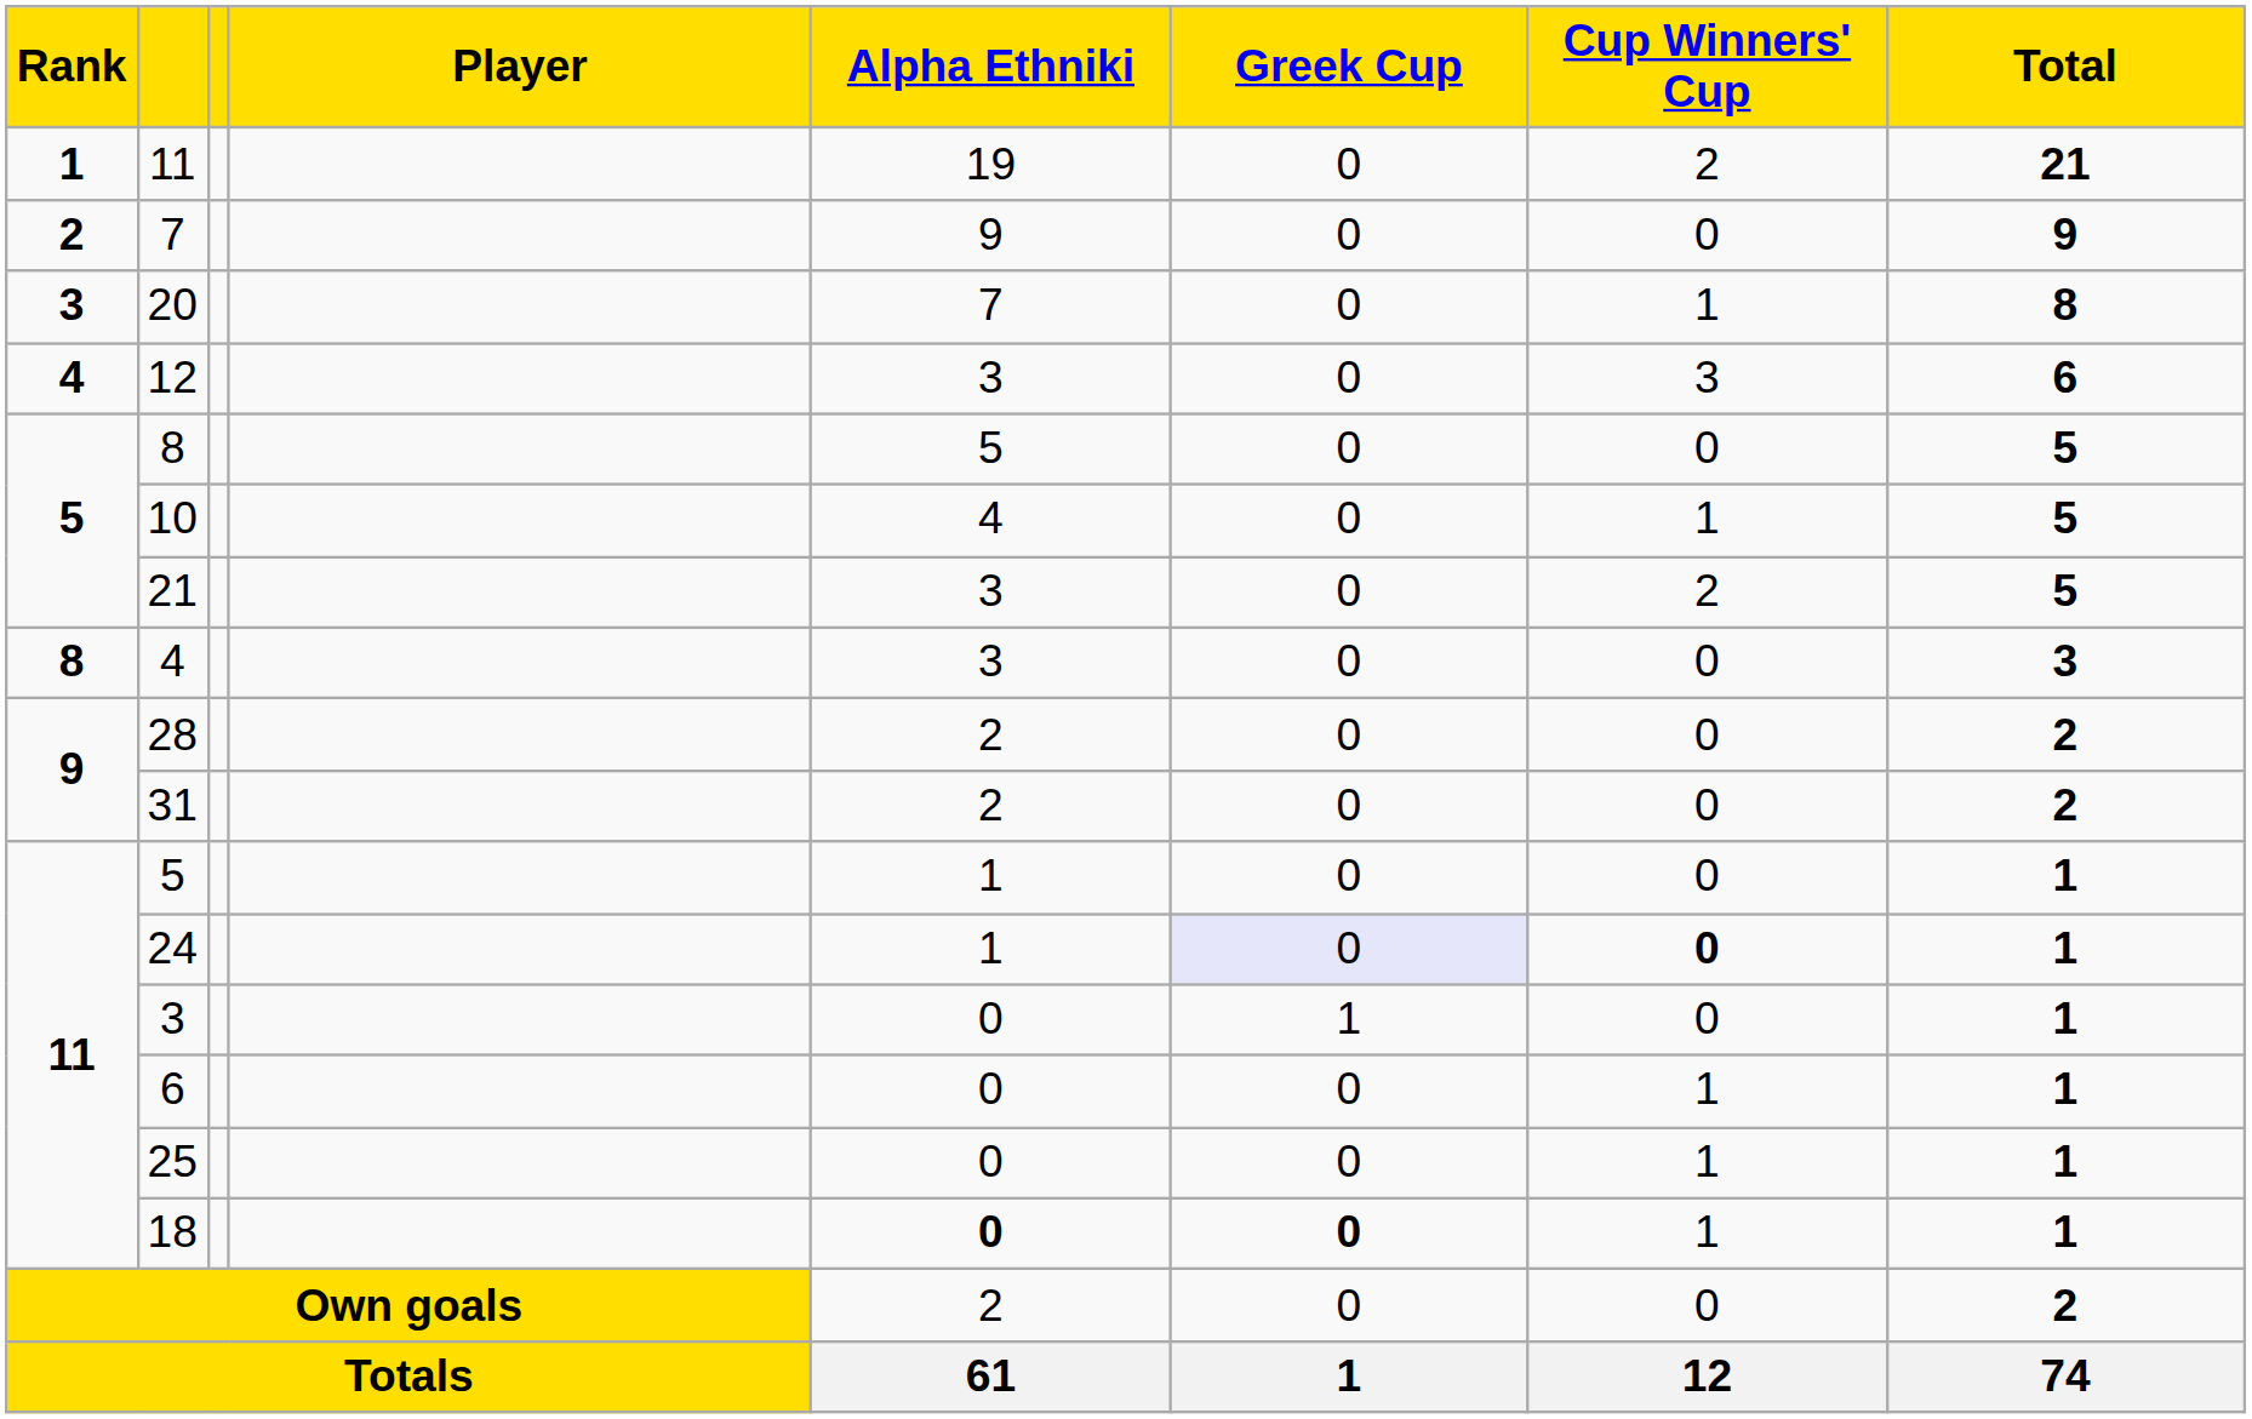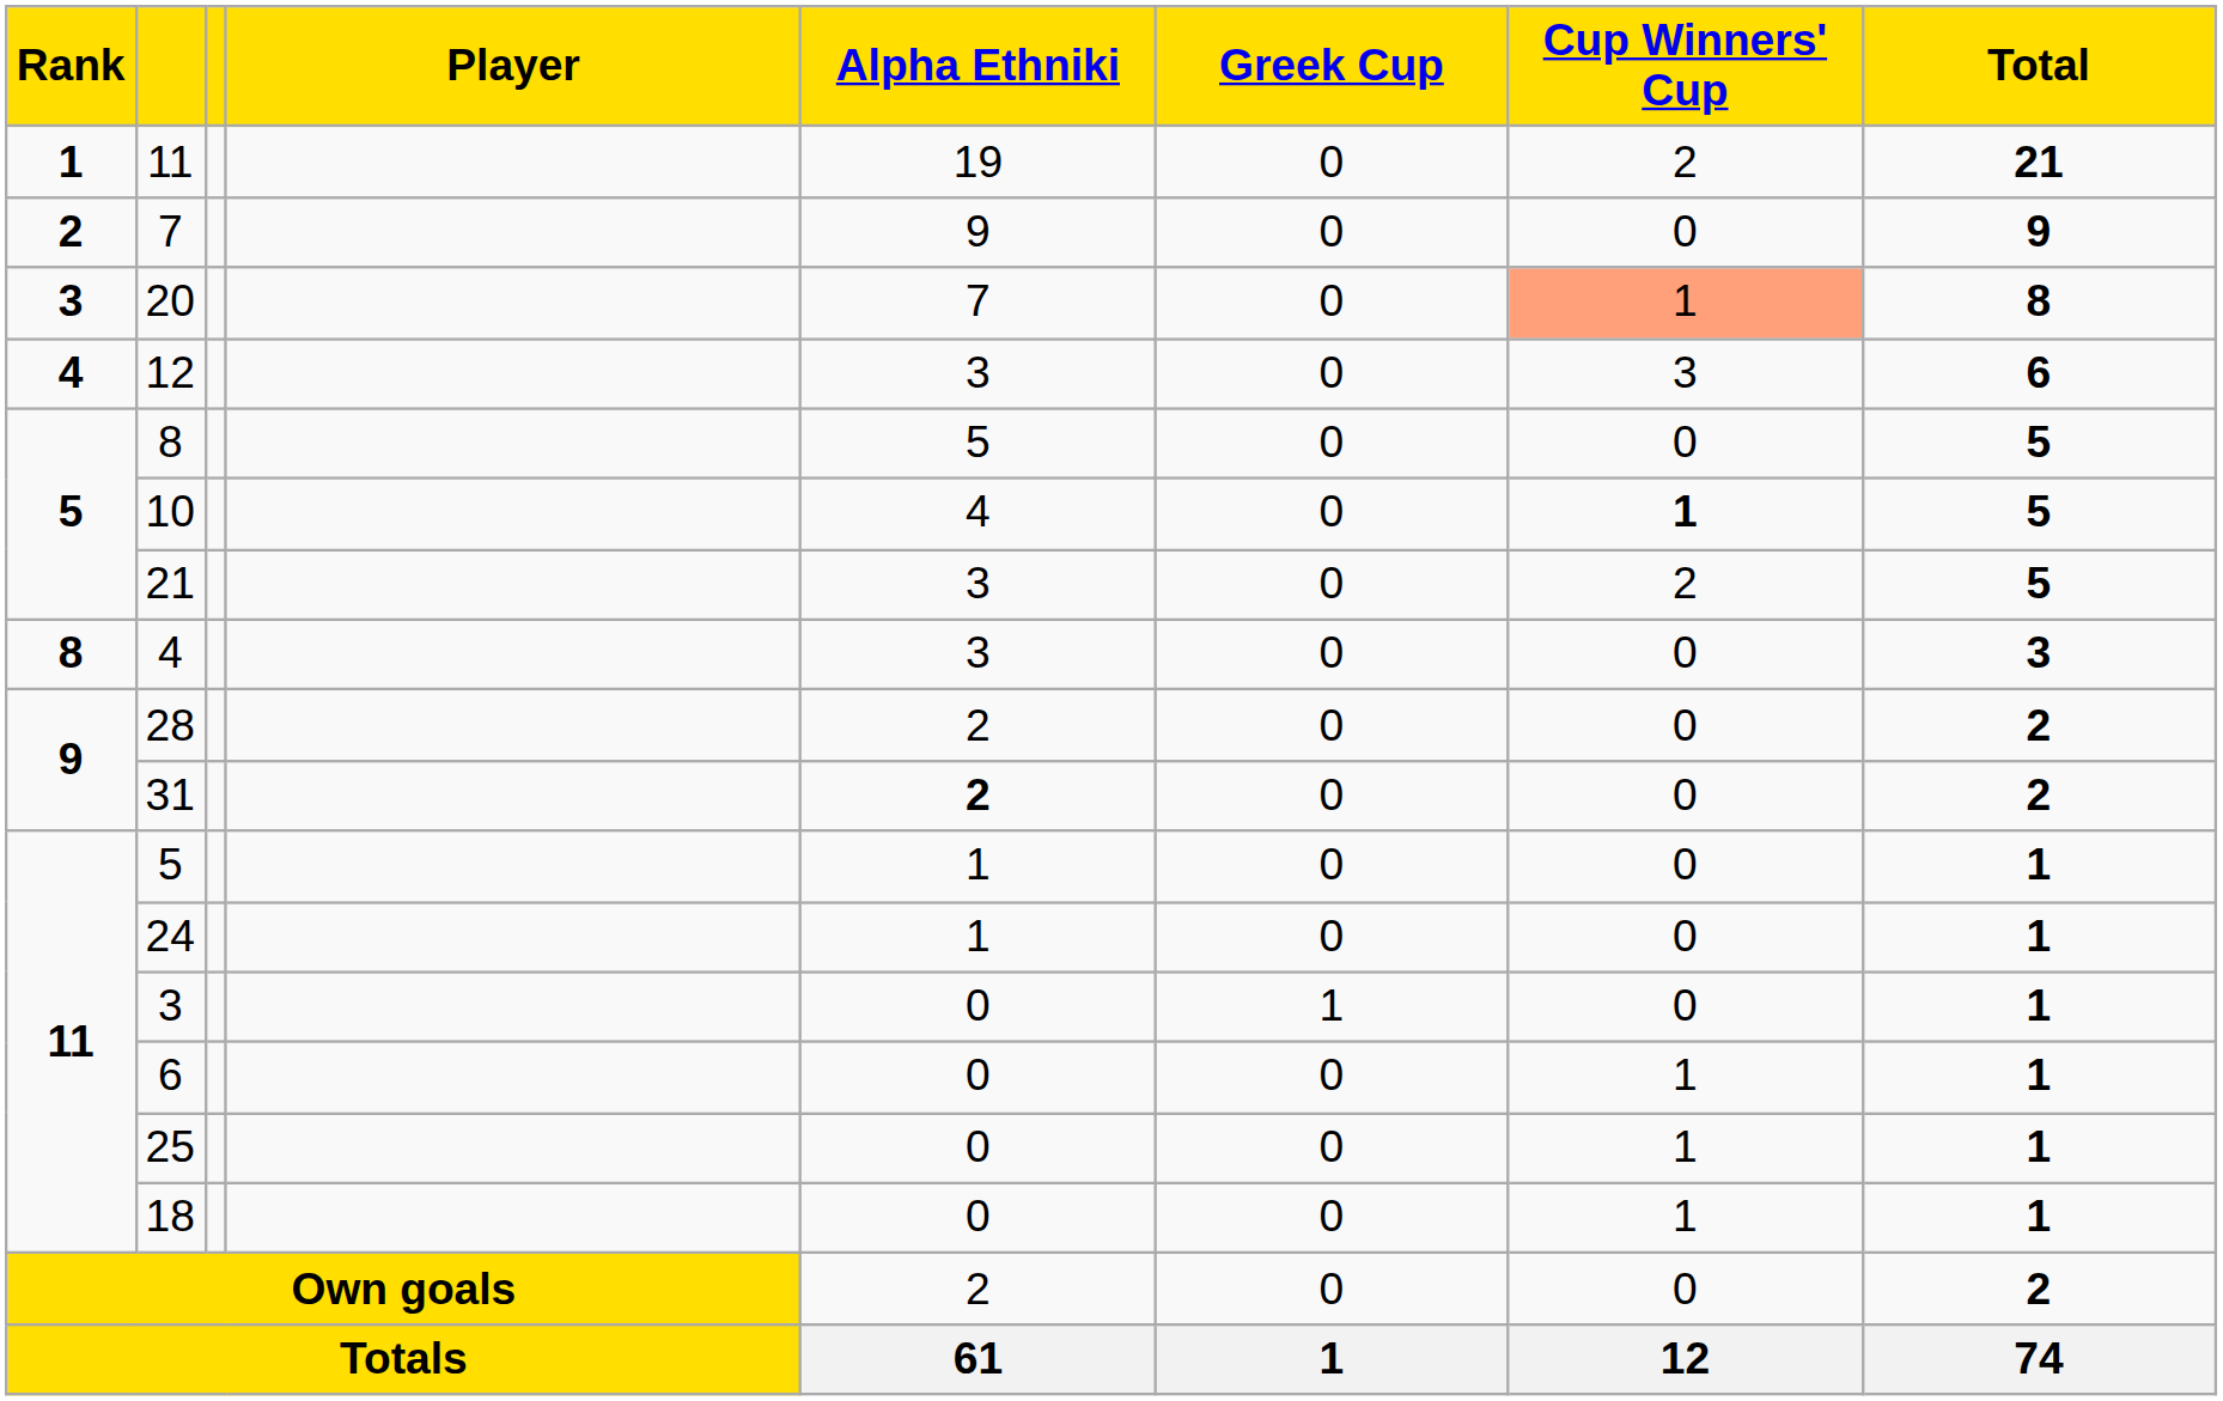 <table class="wikitable sortable" style="text-align: center">
 <tr>
 <th style="background:#FFDE00">Rank</th>
 <th style="background:#FFDE00"></th>
 <th style="background:#FFDE00"></th>
 <th width=200 style="background:#FFDE00">Player</th>
 <th width=120 style="background:#FFDE00"><a href='#'>Alpha Ethniki</a></th>
 <th width=120 style="background:#FFDE00"><a href='#'>Greek Cup</a></th>
 <th width=120 style="background:#FFDE00"><a href='#'>Cup Winners' Cup</a></th>
 <th width=120 style="background:#FFDE00">Total</th>
 </tr>
 <tr>
 <td><strong>1</strong></td>
 <td>11</td>
 <td></td>
 <td align=left></td>
 <td>19</td>
 <td>0</td>
 <td>2</td>
 <td><strong>21</strong></td>
 </tr>
 <tr>
 <td><strong>2</strong></td>
 <td>7</td>
 <td></td>
 <td align=left></td>
 <td>9</td>
 <td>0</td>
 <td>0</td>
 <td><strong>9</strong></td>
 </tr>
 <tr>
 <td><strong>3</strong></td>
 <td>20</td>
 <td></td>
 <td align=left></td>
 <td>7</td>
 <td>0</td>
-<td>1</td>
+<td style="background: lightsalmon;">1</td>
 <td><strong>8</strong></td>
 </tr>
 <tr>
 <td><strong>4</strong></td>
 <td>12</td>
 <td></td>
 <td align=left></td>
 <td>3</td>
 <td>0</td>
 <td>3</td>
 <td><strong>6</strong></td>
 </tr>
 <tr>
 <td rowspan=3><strong>5</strong></td>
 <td>8</td>
 <td></td>
 <td align=left></td>
 <td>5</td>
 <td>0</td>
 <td>0</td>
 <td><strong>5</strong></td>
 </tr>
 <tr>
 <td>10</td>
 <td></td>
 <td align=left></td>
 <td>4</td>
 <td>0</td>
-<td>1</td>
+<td><strong>1</strong></td>
 <td><strong>5</strong></td>
 </tr>
 <tr>
 <td>21</td>
 <td></td>
 <td align=left></td>
 <td>3</td>
 <td>0</td>
 <td>2</td>
 <td><strong>5</strong></td>
 </tr>
 <tr>
 <td><strong>8</strong></td>
 <td>4</td>
 <td></td>
 <td align=left></td>
 <td>3</td>
 <td>0</td>
 <td>0</td>
 <td><strong>3</strong></td>
 </tr>
 <tr>
 <td rowspan=2><strong>9</strong></td>
 <td>28</td>
 <td></td>
 <td align=left></td>
 <td>2</td>
 <td>0</td>
 <td>0</td>
 <td><strong>2</strong></td>
 </tr>
 <tr>
 <td>31</td>
 <td></td>
 <td align=left></td>
-<td>2</td>
+<td><strong>2</strong></td>
 <td>0</td>
 <td>0</td>
 <td><strong>2</strong></td>
 </tr>
 <tr>
 <td rowspan=6><strong>11</strong></td>
 <td>5</td>
 <td></td>
 <td align=left></td>
 <td>1</td>
 <td>0</td>
 <td>0</td>
 <td><strong>1</strong></td>
 </tr>
 <tr>
 <td>24</td>
 <td></td>
 <td align=left></td>
 <td>1</td>
-<td style="background: lavender;">0</td>
-<td><strong>0</strong></td>
+<td>0</td>
+<td>0</td>
 <td><strong>1</strong></td>
 </tr>
 <tr>
 <td>3</td>
 <td></td>
 <td align=left></td>
 <td>0</td>
 <td>1</td>
 <td>0</td>
 <td><strong>1</strong></td>
 </tr>
 <tr>
 <td>6</td>
 <td></td>
 <td align=left></td>
 <td>0</td>
 <td>0</td>
 <td>1</td>
 <td><strong>1</strong></td>
 </tr>
 <tr>
 <td>25</td>
 <td></td>
 <td align=left></td>
 <td>0</td>
 <td>0</td>
 <td>1</td>
 <td><strong>1</strong></td>
 </tr>
 <tr>
 <td>18</td>
 <td></td>
 <td align=left></td>
-<td><strong>0</strong></td>
-<td><strong>0</strong></td>
+<td>0</td>
+<td>0</td>
 <td>1</td>
 <td><strong>1</strong></td>
 </tr>
 <tr class="sortbottom">
 <td colspan=4 style="background:#FFDE00"><strong>Own goals</strong></td>
 <td>2</td>
 <td>0</td>
 <td>0</td>
 <td><strong>2</strong></td>
 </tr>
 <tr class="sortbottom">
 <th colspan=4 style="background:#FFDE00"><strong>Totals</strong></th>
 <th><strong>61</strong></th>
 <th><strong> 1</strong></th>
 <th><strong>12</strong></th>
 <th><strong>74</strong></th>
 </tr>
 </table>
